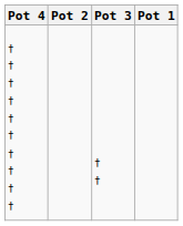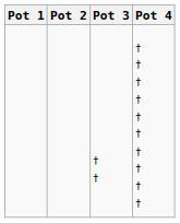 <table class="wikitable">
 <tr>
-<th width="25%">Pot 4</th>
+<th width="25%">Pot 1</th>
 <th width="25%">Pot 2</th>
 <th width="25%">Pot 3</th>
-<th width="25%">Pot 1</th>
+<th width="25%">Pot 4</th>
 </tr>
 <tr valign="top">
-<td><br><sup>†</sup><br> <sup>†</sup><br> <sup>†</sup><br> <sup>†</sup><br> <sup>†</sup><br> <sup>†</sup><br> <sup>†</sup><br> <sup>†</sup><br> <sup>†</sup><br> <sup>†</sup><br></td>
+<td><br><br> <br> <br> <br> <br> <br> <br> <br> <br> <br></td>
 <td><br><br> <br> <br> <br> <br> <br> <br> <br> <br> <br></td>
 <td><br><br> <br> <br> <br> <br> <br> <br> <br> <sup>†</sup><br> <sup>†</sup><br></td>
-<td><br><br> <br> <br> <br> <br> <br> <br> <br> <br> <br></td>
+<td><br><sup>†</sup><br> <sup>†</sup><br> <sup>†</sup><br> <sup>†</sup><br> <sup>†</sup><br> <sup>†</sup><br> <sup>†</sup><br> <sup>†</sup><br> <sup>†</sup><br> <sup>†</sup><br></td>
 </tr>
 </table>
